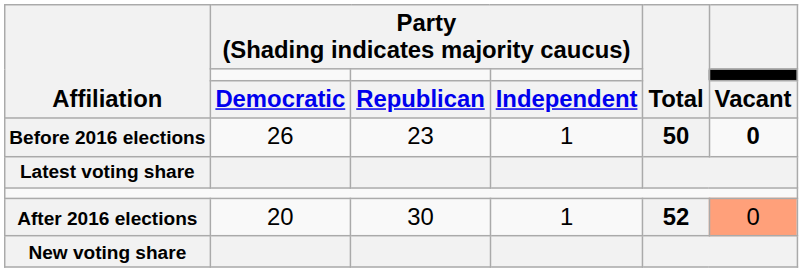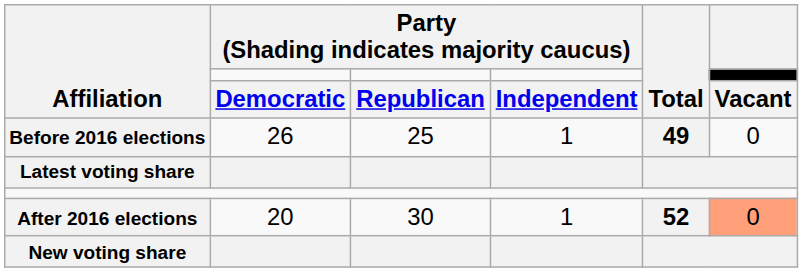 <table class=wikitable style="text-align:center">
 <tr style="vertical-align:bottom;">
 <th rowspan=3>Affiliation</th>
 <th colspan=3>Party <div>(Shading indicates majority caucus)</div></th>
 <th rowspan=3>Total</th>
 <th></th>
 </tr>
 <tr style="height:5px">
 <td style="background-color:"></td>
 <td style="background-color:"></td>
 <td style="background-color:"></td>
 <td style="background-color:black"></td>
 </tr>
 <tr>
 <th><a href='#'>Democratic</a></th>
 <th><a href='#'>Republican</a></th>
 <th><a href='#'>Independent</a></th>
 <th>Vacant</th>
 </tr>
 <tr>
 <th nowrap style="font-size:80%">Before 2016 elections</th>
 <td>26</td>
-<td>23</td>
+<td>25</td>
 <td>1</td>
-<th>50</th>
-<td><strong>0</strong></td>
+<th>49</th>
+<td>0</td>
 </tr>
 <tr>
 <th nowrap style="font-size:80%">Latest voting share</th>
 <th></th>
 <th></th>
 <th></th>
 <th colspan=3></th>
 </tr>
 <tr>
 <td colspan=6></td>
 </tr>
 <tr>
 <th nowrap style="font-size:80%">After 2016 elections</th>
 <td>20</td>
 <td>30</td>
 <td>1</td>
 <th>52</th>
 <td style="background: lightsalmon;">0</td>
 </tr>
 <tr>
 <th nowrap style="font-size:80%">New voting share</th>
 <th></th>
 <th></th>
 <th></th>
 <th colspan=3></th>
 </tr>
 </table>
